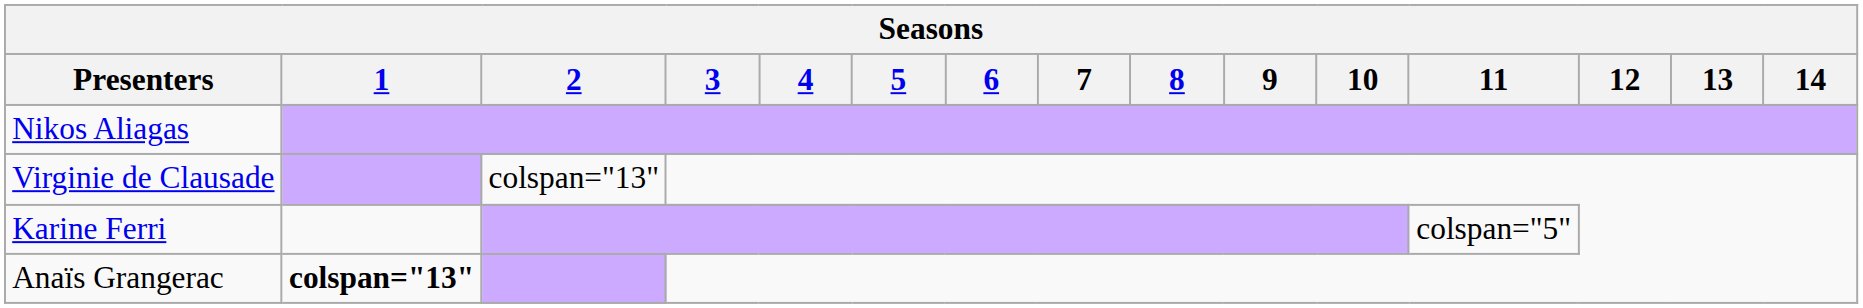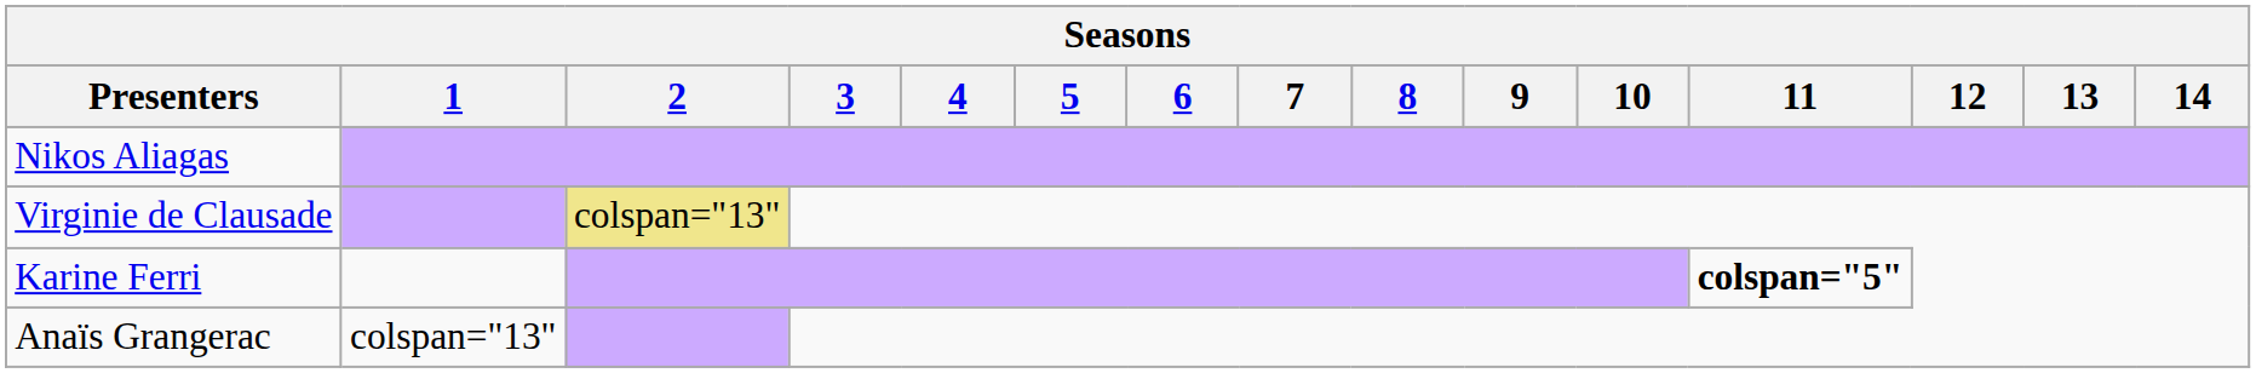 <table class="wikitable">
 <tr>
 <th colspan="15">Seasons</th>
 </tr>
 <tr>
 <th>Presenters</th>
 <th width="40"><a href='#'>1</a></th>
 <th width="40"><a href='#'>2</a></th>
 <th width="40"><a href='#'>3</a></th>
 <th width="40"><a href='#'>4</a></th>
 <th width="40"><a href='#'>5</a></th>
 <th width="40"><a href='#'>6</a></th>
 <th width="40">7</th>
 <th width="40"><a href='#'>8</a></th>
 <th width="40">9</th>
 <th width="40">10</th>
 <th width="40">11</th>
 <th width="40">12</th>
 <th width="40">13</th>
 <th width="40">14</th>
 </tr>
 <tr>
 <td><a href='#'>Nikos Aliagas</a></td>
 <td colspan="14" bgcolor="#caf"></td>
 </tr>
 <tr>
 <td><a href='#'>Virginie de Clausade</a></td>
 <td colspan="1" bgcolor="#caf"></td>
-<td>colspan="13" </td>
+<td style="background: khaki;">colspan="13" </td>
 </tr>
 <tr>
 <td><a href='#'>Karine Ferri</a></td>
 <td></td>
 <td colspan="9" bgcolor="#caf"></td>
-<td>colspan="5" </td>
+<td><strong>colspan="5" </strong></td>
 </tr>
 <tr>
 <td>Anaïs Grangerac</td>
-<td><strong>colspan="13" </strong></td>
+<td>colspan="13" </td>
 <td colspan="1" bgcolor="#caf"></td>
 </tr>
 </table>
